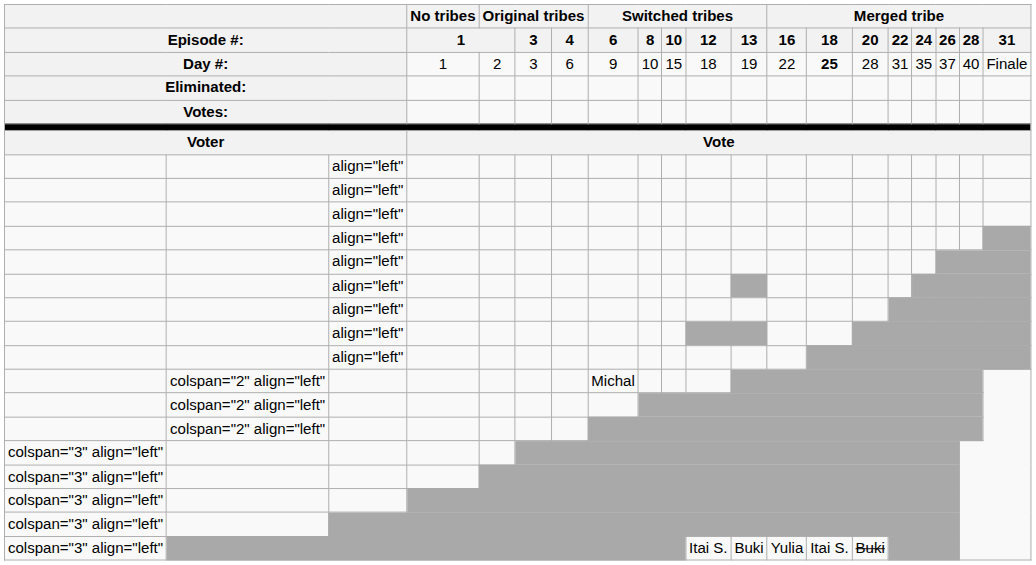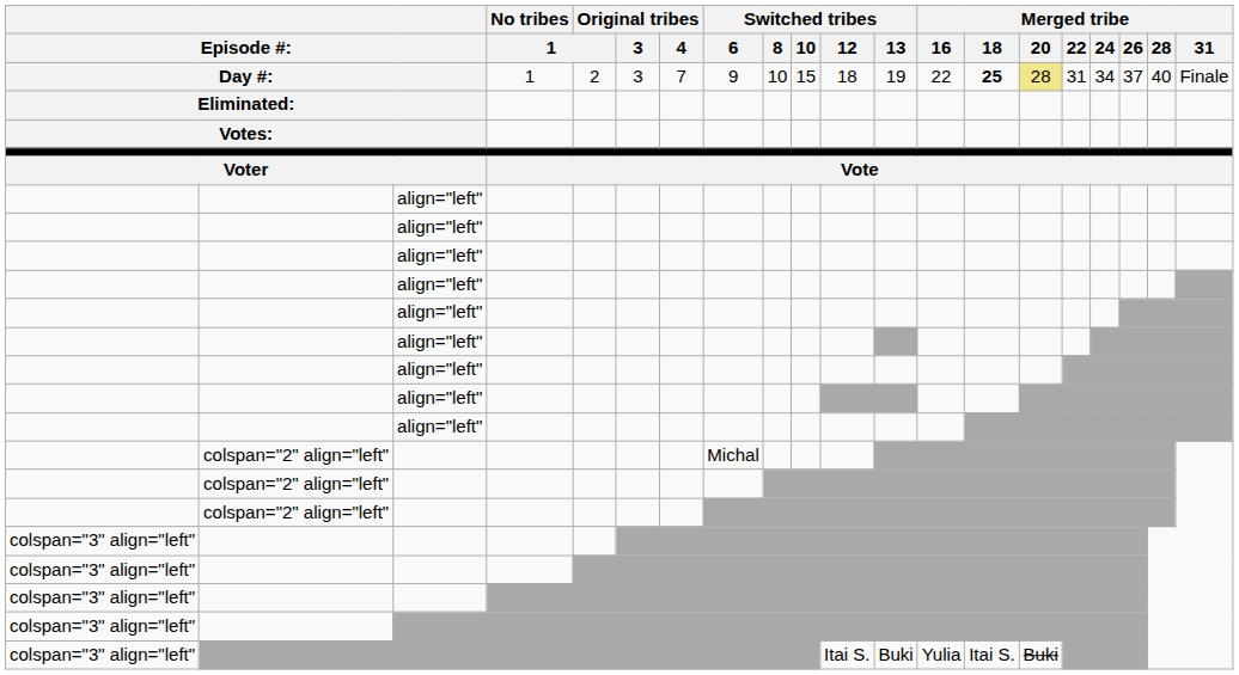 <table class="wikitable nowrap" style="text-align:center">
 <tr>
 <th colspan="3"></th>
 <th colspan="1">No tribes</th>
 <th colspan="3">Original tribes</th>
 <th colspan="5">Switched tribes</th>
 <th colspan="9">Merged tribe</th>
 </tr>
 <tr>
 <th colspan="3">Episode #:</th>
 <th colspan="2">1</th>
 <th>3</th>
 <th>4</th>
 <th>6</th>
 <th>8</th>
 <th>10</th>
 <th>12</th>
 <th>13</th>
 <th>16</th>
 <th>18</th>
 <th>20</th>
 <th>22</th>
 <th>24</th>
 <th>26</th>
 <th>28</th>
 <th>31</th>
 </tr>
 <tr>
 <th colspan="3">Day #:</th>
 <td>1</td>
 <td>2</td>
 <td>3</td>
-<td>6</td>
+<td>7</td>
 <td>9</td>
 <td>10</td>
 <td>15</td>
 <td>18</td>
 <td>19</td>
 <td>22</td>
 <td><strong>25</strong></td>
-<td>28</td>
+<td style="background: khaki;">28</td>
 <td>31</td>
-<td>35</td>
+<td>34</td>
 <td>37</td>
 <td>40</td>
 <td>Finale</td>
 </tr>
 <tr>
 <th colspan="3">Eliminated:</th>
 <td></td>
 <td></td>
 <td></td>
 <td></td>
 <td></td>
 <td></td>
 <td></td>
 <td></td>
 <td></td>
 <td></td>
 <td></td>
 <td></td>
 <td></td>
 <td></td>
 <td></td>
 <td></td>
 <td></td>
 </tr>
 <tr>
 <th colspan="3">Votes:</th>
 <td></td>
 <td></td>
 <td></td>
 <td></td>
 <td></td>
 <td></td>
 <td></td>
 <td></td>
 <td></td>
 <td></td>
 <td></td>
 <td></td>
 <td></td>
 <td></td>
 <td></td>
 <td></td>
 <td></td>
 </tr>
 <tr>
 <td bgcolor=black colspan=21></td>
 </tr>
 <tr>
 <th colspan="3">Voter</th>
 <th colspan="18">Vote</th>
 </tr>
 <tr>
 <td></td>
 <td></td>
 <td>align="left" </td>
 <td></td>
 <td></td>
 <td></td>
 <td></td>
 <td></td>
 <td></td>
 <td></td>
 <td></td>
 <td></td>
 <td></td>
 <td></td>
 <td></td>
 <td></td>
 <td></td>
 <td></td>
 <td></td>
 <td></td>
 </tr>
 <tr>
 <td></td>
 <td></td>
 <td>align="left"</td>
 <td></td>
 <td></td>
 <td></td>
 <td></td>
 <td></td>
 <td></td>
 <td></td>
 <td></td>
 <td></td>
 <td></td>
 <td></td>
 <td></td>
 <td></td>
 <td></td>
 <td></td>
 <td></td>
 <td></td>
 </tr>
 <tr>
 <td></td>
 <td></td>
 <td>align="left" </td>
 <td></td>
 <td></td>
 <td></td>
 <td></td>
 <td></td>
 <td></td>
 <td></td>
 <td></td>
 <td></td>
 <td></td>
 <td></td>
 <td></td>
 <td></td>
 <td></td>
 <td></td>
 <td></td>
 <td></td>
 </tr>
 <tr>
 <td></td>
 <td></td>
 <td>align="left" </td>
 <td></td>
 <td></td>
 <td></td>
 <td></td>
 <td></td>
 <td></td>
 <td></td>
 <td></td>
 <td></td>
 <td></td>
 <td></td>
 <td></td>
 <td></td>
 <td></td>
 <td></td>
 <td></td>
 <td colspan="1" bgcolor="darkgray"></td>
 </tr>
 <tr>
 <td></td>
 <td></td>
 <td>align="left" </td>
 <td></td>
 <td></td>
 <td></td>
 <td></td>
 <td></td>
 <td></td>
 <td></td>
 <td></td>
 <td></td>
 <td></td>
 <td></td>
 <td></td>
 <td></td>
 <td></td>
 <td colspan="3" bgcolor="darkgray"></td>
 </tr>
 <tr>
 <td></td>
 <td></td>
 <td>align="left" </td>
 <td></td>
 <td></td>
 <td></td>
 <td></td>
 <td></td>
 <td></td>
 <td></td>
 <td></td>
 <td colspan="1" bgcolor="darkgray"></td>
 <td></td>
 <td></td>
 <td></td>
 <td></td>
 <td colspan="4" bgcolor="darkgray"></td>
 </tr>
 <tr>
 <td></td>
 <td></td>
 <td>align="left" </td>
 <td></td>
 <td></td>
 <td></td>
 <td></td>
 <td></td>
 <td></td>
 <td></td>
 <td></td>
 <td></td>
 <td></td>
 <td></td>
 <td></td>
 <td colspan="5" bgcolor="darkgray"></td>
 </tr>
 <tr>
 <td></td>
 <td></td>
 <td>align="left" </td>
 <td></td>
 <td></td>
 <td></td>
 <td></td>
 <td></td>
 <td></td>
 <td></td>
 <td colspan="2" bgcolor="darkgray"></td>
 <td></td>
 <td></td>
 <td colspan="6" bgcolor="darkgray"></td>
 </tr>
 <tr>
 <td></td>
 <td></td>
 <td>align="left" </td>
 <td></td>
 <td></td>
 <td></td>
 <td></td>
 <td></td>
 <td></td>
 <td></td>
 <td></td>
 <td></td>
 <td></td>
 <td colspan="7" bgcolor="darkgray"></td>
 </tr>
 <tr>
 <td></td>
 <td>colspan="2" align="left" </td>
 <td></td>
 <td></td>
 <td></td>
 <td></td>
 <td></td>
 <td><span>Michal</span></td>
 <td></td>
 <td></td>
 <td></td>
 <td colspan="8" bgcolor="darkgray"></td>
 </tr>
 <tr>
 <td></td>
 <td>colspan="2" align="left" </td>
 <td></td>
 <td></td>
 <td></td>
 <td></td>
 <td></td>
 <td></td>
 <td colspan="11" bgcolor="darkgray"></td>
 </tr>
 <tr>
 <td></td>
 <td>colspan="2" align="left" </td>
 <td></td>
 <td></td>
 <td></td>
 <td></td>
 <td></td>
 <td colspan="12" bgcolor="darkgray"></td>
 </tr>
 <tr>
 <td>colspan="3" align="left" </td>
 <td></td>
 <td></td>
 <td></td>
 <td></td>
 <td colspan="13" bgcolor="darkgray"></td>
 </tr>
 <tr>
 <td>colspan="3" align="left" </td>
 <td></td>
 <td></td>
 <td></td>
 <td colspan="14" bgcolor="darkgray"></td>
 </tr>
 <tr>
 <td>colspan="3" align="left" </td>
 <td></td>
 <td></td>
 <td colspan="15" bgcolor="darkgray"></td>
 </tr>
 <tr>
 <td>colspan="3" align="left" </td>
 <td></td>
 <td colspan="16" bgcolor="darkgray"></td>
 </tr>
 <tr>
 <td>colspan="3" align="left" </td>
 <td colspan="9" bgcolor="darkgray"></td>
 <td><span>Itai S.</span></td>
 <td><span>Buki</span></td>
 <td><span>Yulia</span></td>
 <td><span>Itai S.</span></td>
 <td><span><s>Buki</s></span></td>
 <td colspan="3" bgcolor="darkgray"></td>
 </tr>
 </table>
